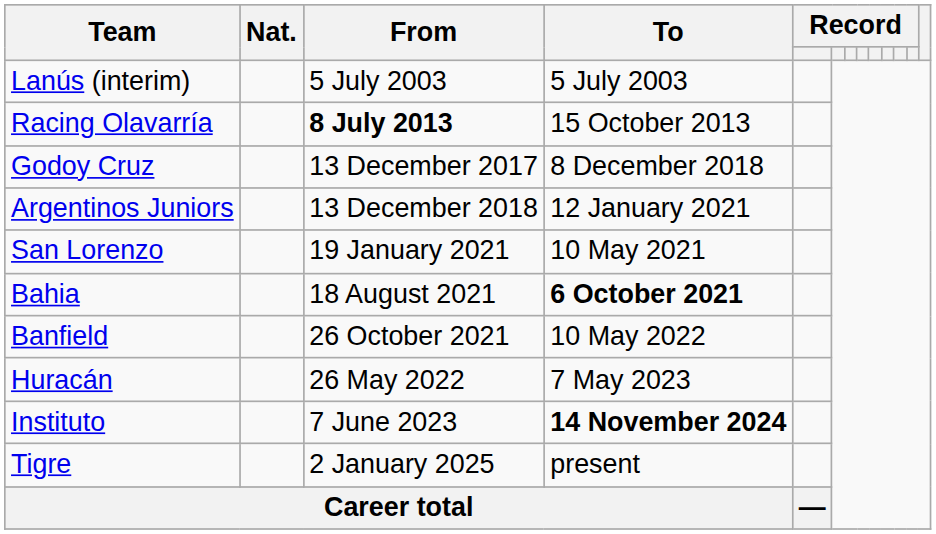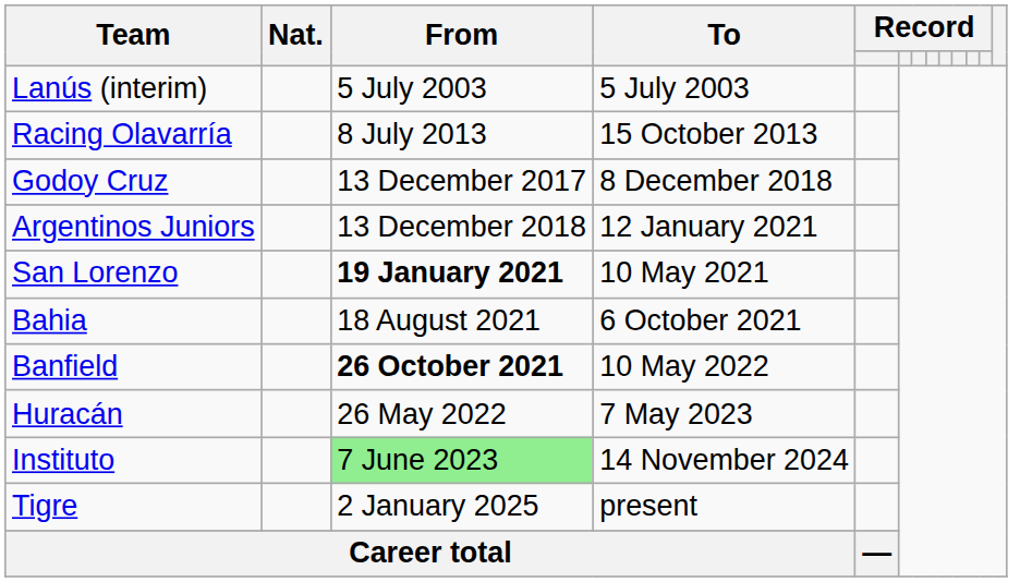 <table class="wikitable" style="text-align: center">
 <tr>
 <th rowspan="2">Team</th>
 <th rowspan="2">Nat.</th>
 <th rowspan="2">From</th>
 <th rowspan="2">To</th>
 <th colspan="8">Record</th>
 <th rowspan=2></th>
 </tr>
 <tr>
 <th></th>
 <th></th>
 <th></th>
 <th></th>
 <th></th>
 <th></th>
 <th></th>
 <th></th>
 </tr>
 <tr>
 <td align="left"><a href='#'>Lanús</a> (interim)</td>
 <td></td>
 <td align=left>5 July 2003</td>
 <td align=left>5 July 2003<br></td>
 <td></td>
 </tr>
 <tr>
 <td align="left"><a href='#'>Racing Olavarría</a></td>
 <td></td>
-<td align=left><strong>8 July 2013</strong></td>
+<td align=left>8 July 2013</td>
 <td align=left>15 October 2013<br></td>
 <td></td>
 </tr>
 <tr>
 <td align="left"><a href='#'>Godoy Cruz</a></td>
 <td></td>
 <td align=left>13 December 2017</td>
 <td align=left>8 December 2018<br></td>
 <td></td>
 </tr>
 <tr>
 <td align="left"><a href='#'>Argentinos Juniors</a></td>
 <td></td>
 <td align=left>13 December 2018</td>
 <td align=left>12 January 2021<br></td>
 <td></td>
 </tr>
 <tr>
 <td align="left"><a href='#'>San Lorenzo</a></td>
 <td></td>
-<td align=left>19 January 2021</td>
+<td align=left><strong>19 January 2021</strong></td>
 <td align=left>10 May 2021<br></td>
 <td></td>
 </tr>
 <tr>
 <td align="left"><a href='#'>Bahia</a></td>
 <td></td>
 <td align=left>18 August 2021</td>
-<td align=left><strong>6 October 2021<br></strong></td>
+<td align=left>6 October 2021<br></td>
 <td></td>
 </tr>
 <tr>
 <td align="left"><a href='#'>Banfield</a></td>
 <td></td>
-<td align=left>26 October 2021</td>
+<td align=left><strong>26 October 2021</strong></td>
 <td align=left>10 May 2022<br></td>
 <td></td>
 </tr>
 <tr>
 <td align="left"><a href='#'>Huracán</a></td>
 <td></td>
 <td align=left>26 May 2022</td>
 <td align=left>7 May 2023<br></td>
 <td></td>
 </tr>
 <tr>
 <td align="left"><a href='#'>Instituto</a></td>
 <td></td>
-<td align=left>7 June 2023</td>
-<td align=left><strong>14 November 2024<br></strong></td>
+<td align=left style="background: lightgreen;">7 June 2023</td>
+<td align=left>14 November 2024<br></td>
 <td></td>
 </tr>
 <tr>
 <td align="left"><a href='#'>Tigre</a></td>
 <td></td>
 <td align=left>2 January 2025</td>
 <td align=left>present<br></td>
 <td></td>
 </tr>
 <tr>
 <th colspan=4><strong>Career total</strong><br></th>
 <th>—</th>
 </tr>
 </table>
